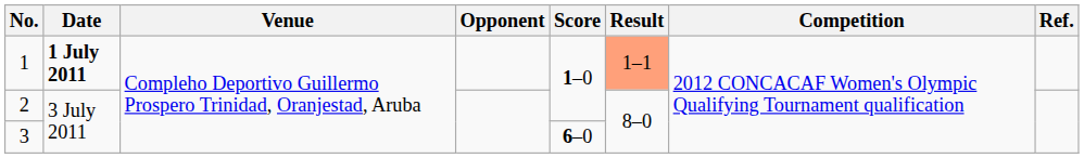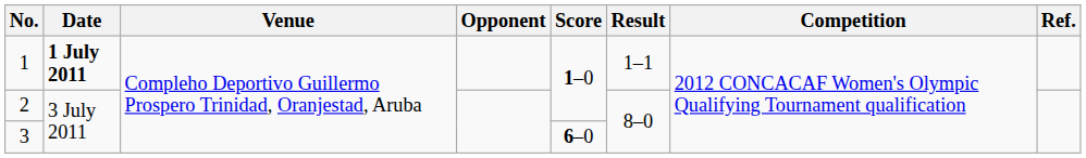 <table class="wikitable">
 <tr>
 <th>No.</th>
 <th>Date</th>
 <th>Venue</th>
 <th>Opponent</th>
 <th>Score</th>
 <th>Result</th>
 <th>Competition</th>
 <th>Ref.</th>
 </tr>
 <tr>
 <td style="text-align:center;">1</td>
 <td><strong>1 July 2011</strong></td>
 <td rowspan=3><a href='#'>Compleho Deportivo Guillermo Prospero Trinidad</a>, <a href='#'>Oranjestad</a>, Aruba</td>
 <td></td>
 <td rowspan=2 style="text-align:center;"><strong>1</strong>–0</td>
-<td style="background: lightsalmon; text-align:center;">1–1</td>
+<td style="text-align:center;">1–1</td>
 <td rowspan=3><a href='#'>2012 CONCACAF Women's Olympic Qualifying Tournament qualification</a></td>
 <td></td>
 </tr>
 <tr>
 <td style="text-align:center;">2</td>
 <td rowspan=2>3 July 2011</td>
 <td rowspan=2></td>
 <td rowspan=2 style="text-align:center;">8–0</td>
 <td rowspan=2></td>
 </tr>
 <tr style="text-align:center;">
 <td>3</td>
 <td><strong>6</strong>–0</td>
 </tr>
 </table>
